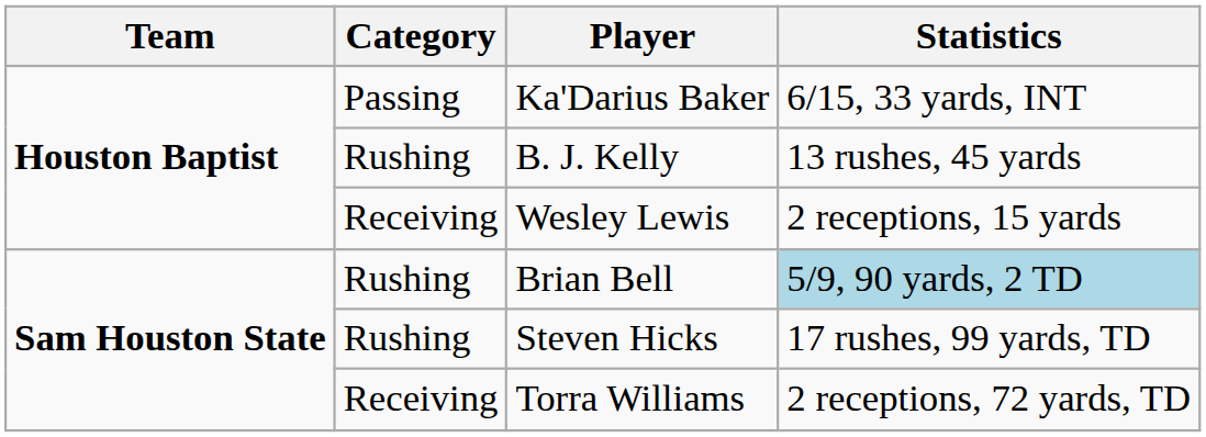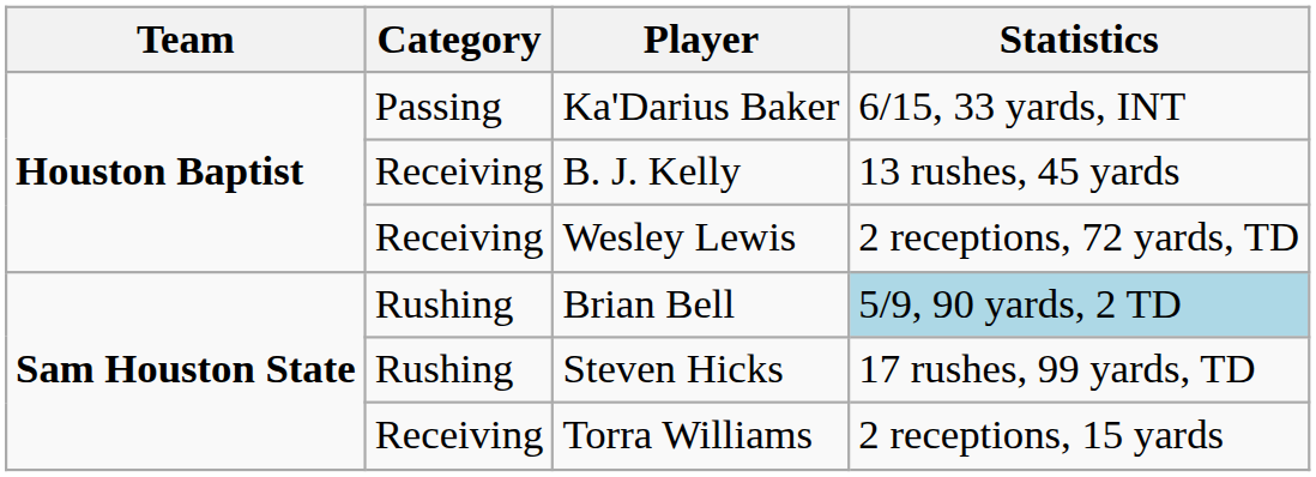 <table class="wikitable" style="float: left;">
 <tr>
 <th>Team</th>
 <th>Category</th>
 <th>Player</th>
 <th>Statistics</th>
 </tr>
 <tr>
 <td rowspan=3><strong>Houston Baptist</strong></td>
 <td>Passing</td>
 <td>Ka'Darius Baker</td>
 <td>6/15, 33 yards, INT</td>
 </tr>
 <tr>
-<td>Rushing</td>
+<td>Receiving</td>
 <td>B. J. Kelly</td>
 <td>13 rushes, 45 yards</td>
 </tr>
 <tr>
 <td>Receiving</td>
 <td>Wesley Lewis</td>
-<td>2 receptions, 15 yards</td>
+<td>2 receptions, 72 yards, TD</td>
 </tr>
 <tr>
 <td rowspan=3><strong>Sam Houston State</strong></td>
 <td>Rushing</td>
 <td>Brian Bell</td>
 <td style="background: lightblue;">5/9, 90 yards, 2 TD</td>
 </tr>
 <tr>
 <td>Rushing</td>
 <td>Steven Hicks</td>
 <td>17 rushes, 99 yards, TD</td>
 </tr>
 <tr>
 <td>Receiving</td>
 <td>Torra Williams</td>
-<td>2 receptions, 72 yards, TD</td>
+<td>2 receptions, 15 yards</td>
 </tr>
 </table>
